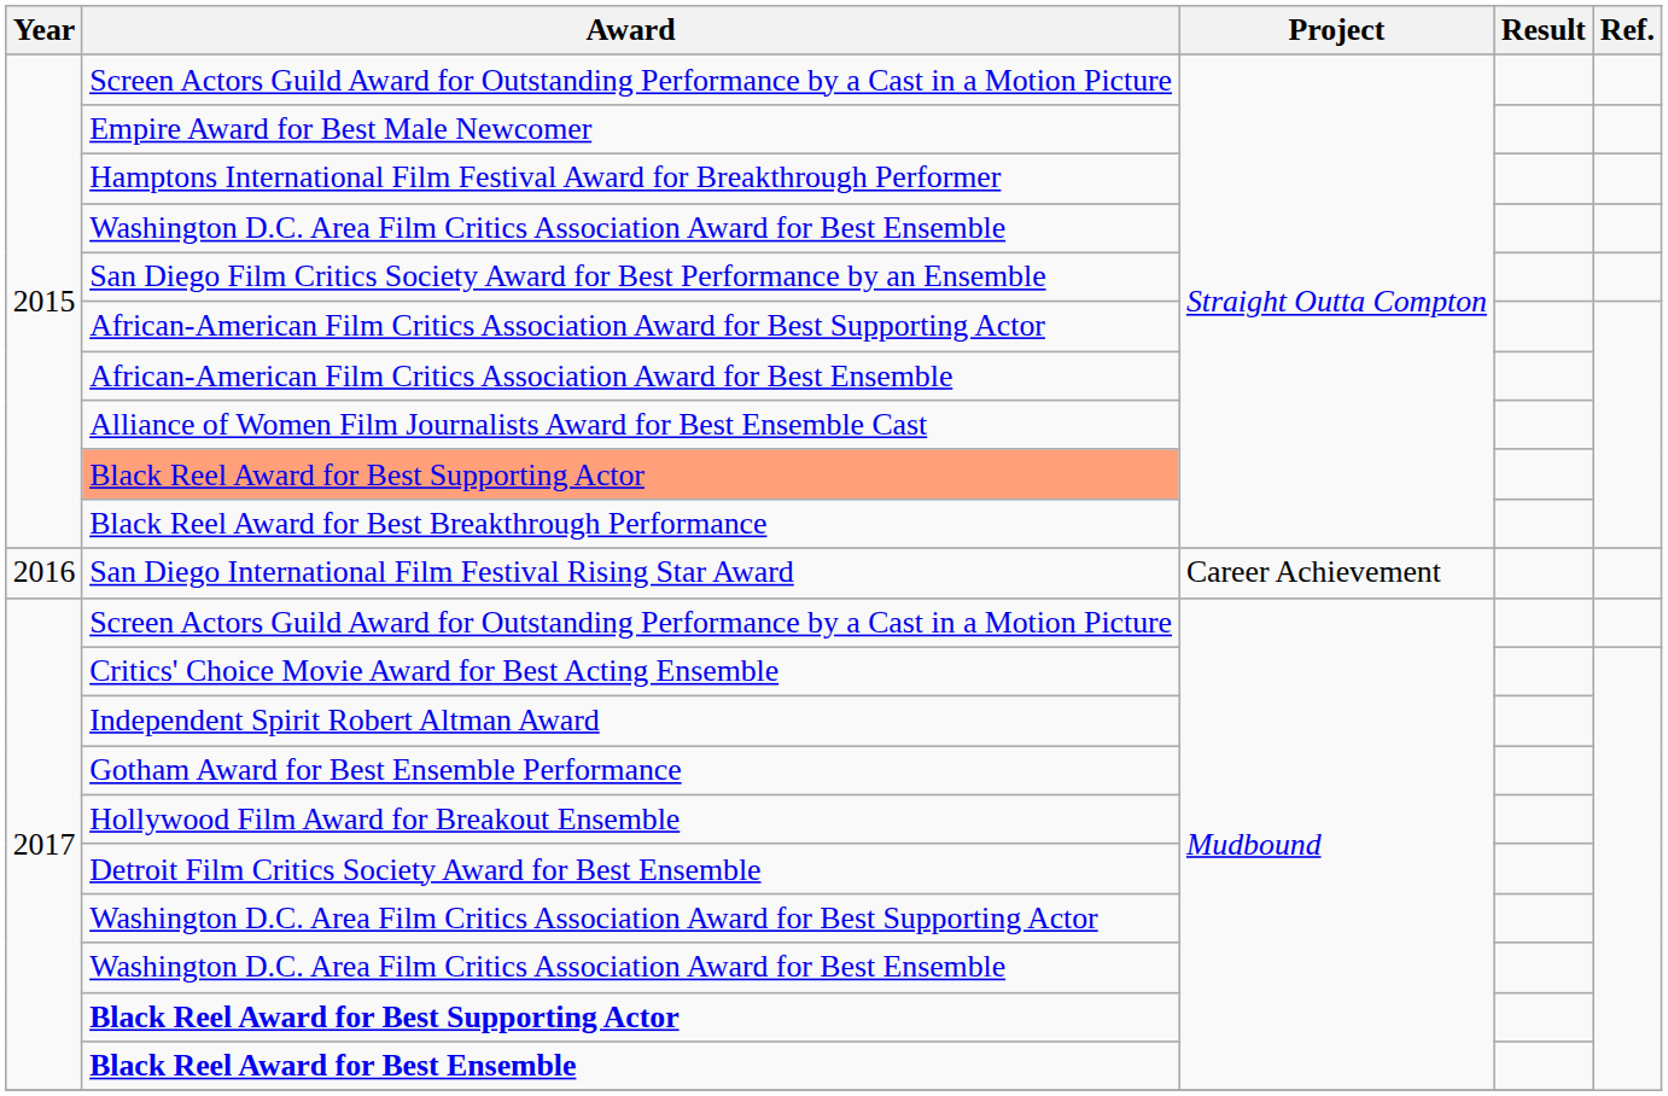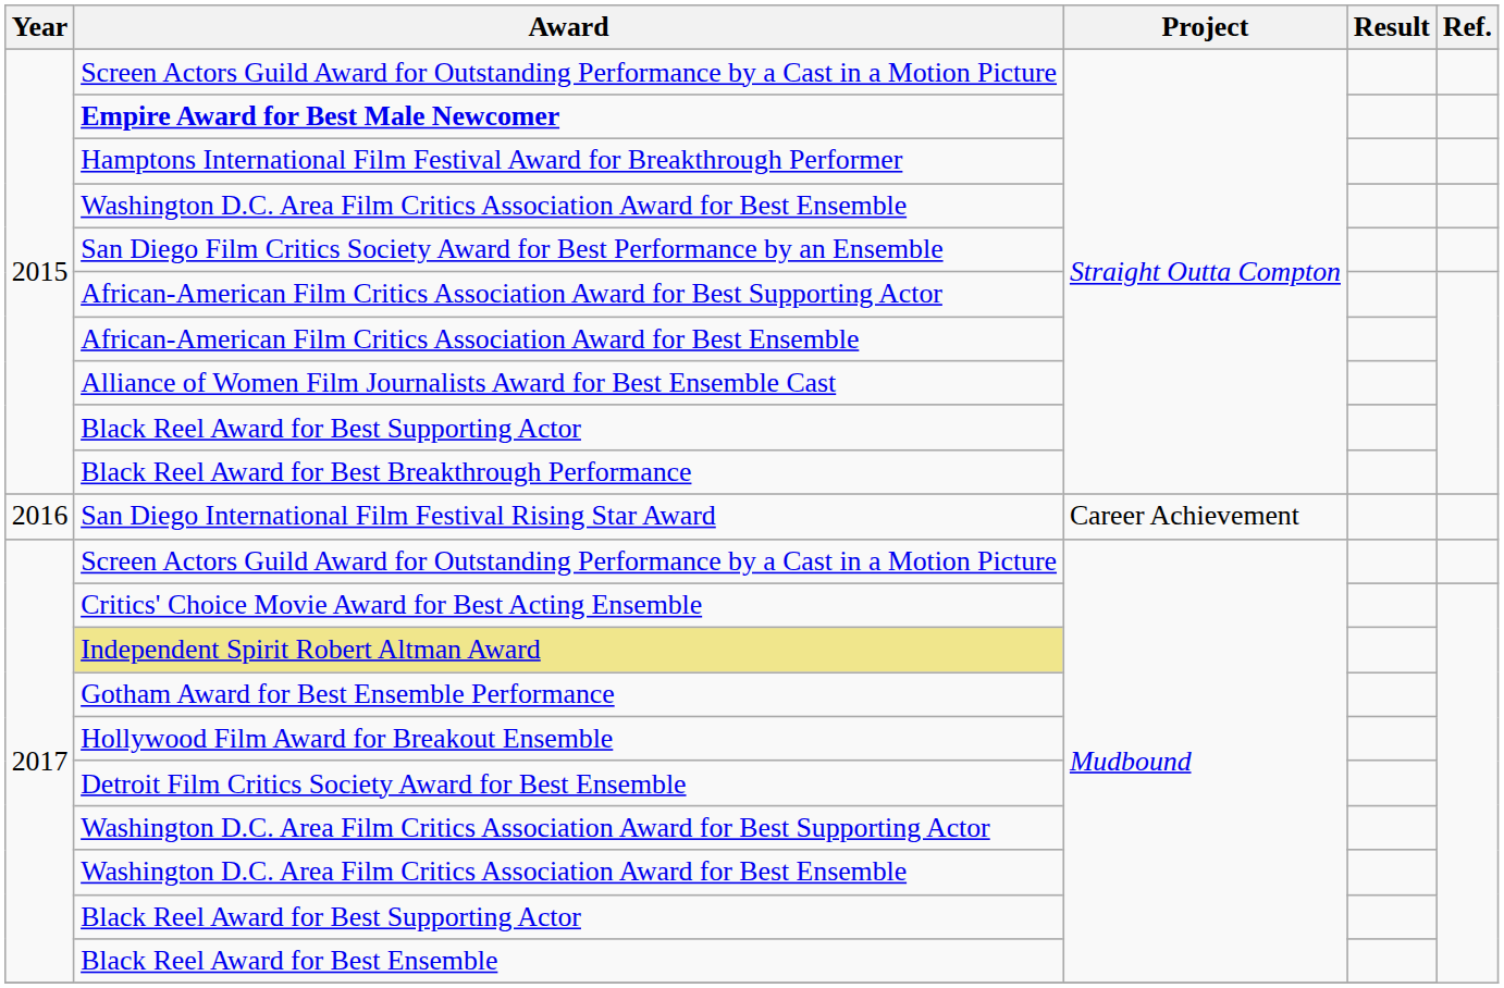 <table class="wikitable">
 <tr>
 <th>Year</th>
 <th>Award</th>
 <th>Project</th>
 <th>Result</th>
 <th>Ref.</th>
 </tr>
 <tr>
 <td rowspan=10>2015</td>
 <td><a href='#'>Screen Actors Guild Award for Outstanding Performance by a Cast in a Motion Picture</a></td>
 <td rowspan=10><em><a href='#'>Straight Outta Compton</a></em></td>
 <td></td>
 <td></td>
 </tr>
 <tr>
-<td><a href='#'>Empire Award for Best Male Newcomer</a></td>
+<td><strong><a href='#'>Empire Award for Best Male Newcomer</a></strong></td>
 <td></td>
 <td></td>
 </tr>
 <tr>
 <td><a href='#'>Hamptons International Film Festival Award for Breakthrough Performer</a></td>
 <td></td>
 <td></td>
 </tr>
 <tr>
 <td><a href='#'>Washington D.C. Area Film Critics Association Award for Best Ensemble</a></td>
 <td></td>
 <td></td>
 </tr>
 <tr>
 <td><a href='#'>San Diego Film Critics Society Award for Best Performance by an Ensemble</a></td>
 <td></td>
 <td></td>
 </tr>
 <tr>
 <td><a href='#'>African-American Film Critics Association Award for Best Supporting Actor</a></td>
 <td></td>
 </tr>
 <tr>
 <td><a href='#'>African-American Film Critics Association Award for Best Ensemble</a></td>
 <td></td>
 </tr>
 <tr>
 <td><a href='#'>Alliance of Women Film Journalists Award for Best Ensemble Cast</a></td>
 <td></td>
 </tr>
 <tr>
-<td style="background: lightsalmon;"><a href='#'>Black Reel Award for Best Supporting Actor</a></td>
+<td><a href='#'>Black Reel Award for Best Supporting Actor</a></td>
 <td></td>
 </tr>
 <tr>
 <td><a href='#'>Black Reel Award for Best Breakthrough Performance</a></td>
 <td></td>
 </tr>
 <tr>
 <td>2016</td>
 <td><a href='#'>San Diego International Film Festival Rising Star Award</a></td>
 <td>Career Achievement</td>
 <td></td>
 <td></td>
 </tr>
 <tr>
 <td rowspan=10>2017</td>
 <td><a href='#'>Screen Actors Guild Award for Outstanding Performance by a Cast in a Motion Picture</a></td>
 <td rowspan=10><em><a href='#'>Mudbound</a></em></td>
 <td></td>
 <td></td>
 </tr>
 <tr>
 <td><a href='#'>Critics' Choice Movie Award for Best Acting Ensemble</a></td>
 <td></td>
 </tr>
 <tr>
-<td><a href='#'>Independent Spirit Robert Altman Award</a></td>
+<td style="background: khaki;"><a href='#'>Independent Spirit Robert Altman Award</a></td>
 <td></td>
 </tr>
 <tr>
 <td><a href='#'>Gotham Award for Best Ensemble Performance</a></td>
 <td></td>
 </tr>
 <tr>
 <td><a href='#'>Hollywood Film Award for Breakout Ensemble</a></td>
 <td></td>
 </tr>
 <tr>
 <td><a href='#'>Detroit Film Critics Society Award for Best Ensemble</a></td>
 <td></td>
 </tr>
 <tr>
 <td><a href='#'>Washington D.C. Area Film Critics Association Award for Best Supporting Actor</a></td>
 <td></td>
 </tr>
 <tr>
 <td><a href='#'>Washington D.C. Area Film Critics Association Award for Best Ensemble</a></td>
 <td></td>
 </tr>
 <tr>
-<td><strong><a href='#'>Black Reel Award for Best Supporting Actor</a></strong></td>
+<td><a href='#'>Black Reel Award for Best Supporting Actor</a></td>
 <td></td>
 </tr>
 <tr>
-<td><strong><a href='#'>Black Reel Award for Best Ensemble</a></strong></td>
+<td><a href='#'>Black Reel Award for Best Ensemble</a></td>
 <td></td>
 </tr>
 <tr>
 </tr>
 </table>
